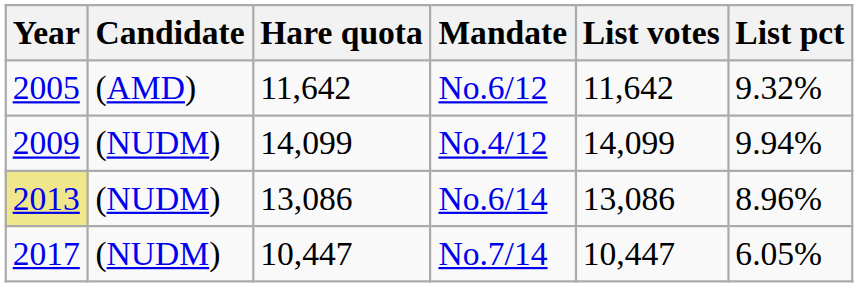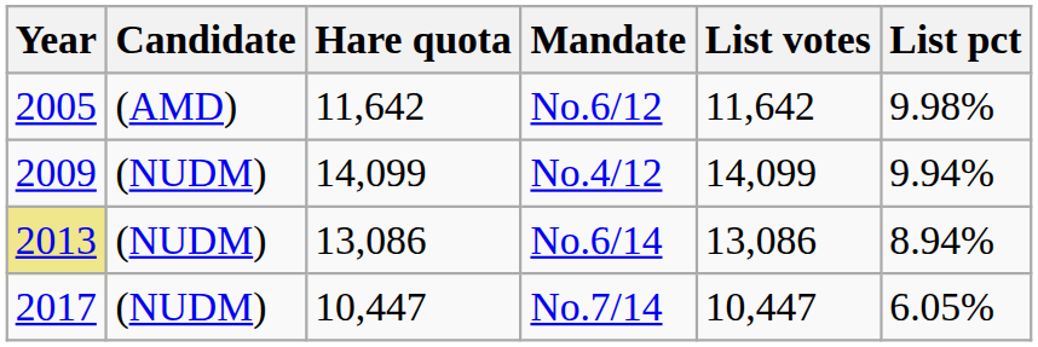 <table class="wikitable" style="margin:0.5em ; font-size:95%">
 <tr>
 <th>Year</th>
 <th>Candidate</th>
 <th>Hare quota</th>
 <th>Mandate</th>
 <th>List votes</th>
 <th>List pct</th>
 </tr>
 <tr>
 <td><a href='#'>2005</a></td>
 <td> (<a href='#'>AMD</a>)</td>
 <td>11,642</td>
 <td><a href='#'>No.6/12</a></td>
 <td>11,642</td>
-<td>9.32%</td>
+<td>9.98%</td>
 </tr>
 <tr>
 <td><a href='#'>2009</a></td>
 <td> (<a href='#'>NUDM</a>)</td>
 <td>14,099</td>
 <td><a href='#'>No.4/12</a></td>
 <td>14,099</td>
 <td>9.94%</td>
 </tr>
 <tr>
 <td style="background: khaki;"><a href='#'>2013</a></td>
 <td> (<a href='#'>NUDM</a>)</td>
 <td>13,086</td>
 <td><a href='#'>No.6/14</a></td>
 <td>13,086</td>
-<td>8.96%</td>
+<td>8.94%</td>
 </tr>
 <tr>
 <td><a href='#'>2017</a></td>
 <td> (<a href='#'>NUDM</a>)</td>
 <td>10,447</td>
 <td><a href='#'>No.7/14</a></td>
 <td>10,447</td>
 <td>6.05%</td>
 </tr>
 </table>
